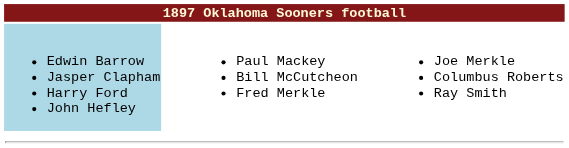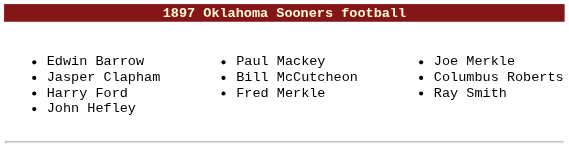 <table class="toccolours" style="text-align: left;">
 <tr>
 <td colspan=11 style="color:#FDF9D8;background:#841617; text-align: center"><strong>1897 Oklahoma Sooners football</strong></td>
 </tr>
 <tr>
-<td valign="top" style="background: lightblue;"><br><ul><li>Edwin Barrow</li><li>Jasper Clapham</li><li>Harry Ford</li><li>John Hefley</li></ul></td>
+<td valign="top"><br><ul><li>Edwin Barrow</li><li>Jasper Clapham</li><li>Harry Ford</li><li>John Hefley</li></ul></td>
 <td width="25"> </td>
 <td valign="top"><br><ul><li>Paul Mackey</li><li>Bill McCutcheon</li><li>Fred Merkle</li></ul></td>
 <td width="25"> </td>
 <td valign="top"><br><ul><li>Joe Merkle</li><li>Columbus Roberts</li><li>Ray Smith</li></ul></td>
 </tr>
 <tr>
 <td colspan="7"><hr></td>
 </tr>
 </table>
